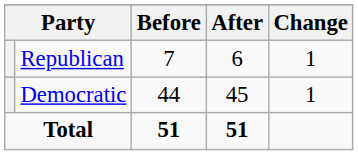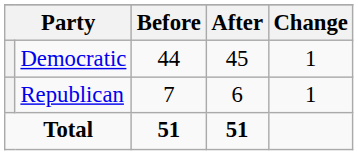 <table class="wikitable" style="text-align:center;">
 <tr>
 </tr>
 <tr>
 <th colspan=2>Party</th>
 <th>Before</th>
 <th>After</th>
 <th>Change</th>
 </tr>
 <tr>
 <th style="background-color:"></th>
-<td style="text-align:left;"><a href='#'>Republican</a></td>
-<td>7</td>
-<td>6</td>
+<td style="text-align:left;"><a href='#'>Democratic</a></td>
+<td>44</td>
+<td>45</td>
 <td> 1</td>
 </tr>
 <tr>
 <th style="background-color:"></th>
-<td style="text-align:left;"><a href='#'>Democratic</a></td>
-<td>44</td>
-<td>45</td>
+<td style="text-align:left;"><a href='#'>Republican</a></td>
+<td>7</td>
+<td>6</td>
 <td> 1</td>
 </tr>
 <tr>
 <td colspan=2><strong>Total</strong></td>
 <td><strong>51</strong></td>
 <td><strong>51</strong></td>
 <td></td>
 </tr>
 </table>
